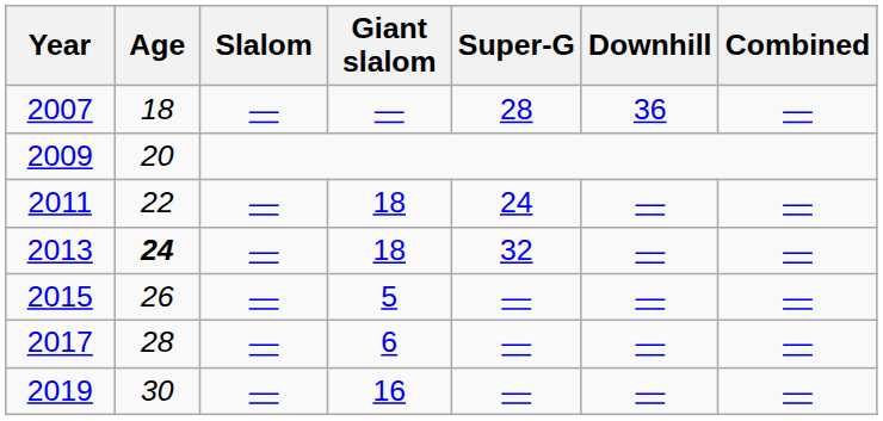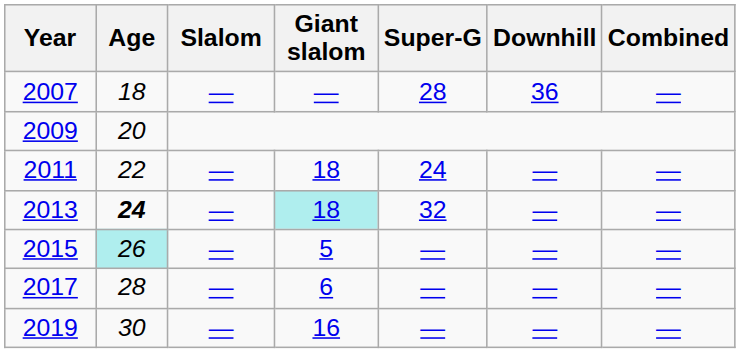 <table class=wikitable style="text-align:center">
 <tr>
 <th>  Year  </th>
 <th> Age </th>
 <th> Slalom </th>
 <th>Giant<br> slalom </th>
 <th>Super-G</th>
 <th>Downhill</th>
 <th>Combined</th>
 </tr>
 <tr>
 <td><a href='#'>2007</a></td>
 <td><em>18</em></td>
 <td><a href='#'>—</a></td>
 <td><a href='#'>—</a></td>
 <td><a href='#'>28</a></td>
 <td><a href='#'>36</a></td>
 <td><a href='#'>—</a></td>
 </tr>
 <tr>
 <td><a href='#'>2009</a></td>
 <td><em>20</em></td>
 <td colspan=5></td>
 </tr>
 <tr>
 <td><a href='#'>2011</a></td>
 <td><em>22</em></td>
 <td><a href='#'>—</a></td>
 <td><a href='#'>18</a></td>
 <td><a href='#'>24</a></td>
 <td><a href='#'>—</a></td>
 <td><a href='#'>—</a></td>
 </tr>
 <tr>
 <td><a href='#'>2013</a></td>
 <td><strong><em>24</em></strong></td>
 <td><a href='#'>—</a></td>
-<td><a href='#'>18</a></td>
+<td style="background: paleturquoise;"><a href='#'>18</a></td>
 <td><a href='#'>32</a></td>
 <td><a href='#'>—</a></td>
 <td><a href='#'>—</a></td>
 </tr>
 <tr>
 <td><a href='#'>2015</a></td>
-<td><em>26</em></td>
+<td style="background: paleturquoise;"><em>26</em></td>
 <td><a href='#'>—</a></td>
 <td><a href='#'>5</a></td>
 <td><a href='#'>—</a></td>
 <td><a href='#'>—</a></td>
 <td><a href='#'>—</a></td>
 </tr>
 <tr>
 <td><a href='#'>2017</a></td>
 <td><em>28</em></td>
 <td><a href='#'>—</a></td>
 <td><a href='#'>6</a></td>
 <td><a href='#'>—</a></td>
 <td><a href='#'>—</a></td>
 <td><a href='#'>—</a></td>
 </tr>
 <tr>
 <td><a href='#'>2019</a></td>
 <td><em>30</em></td>
 <td><a href='#'>—</a></td>
 <td><a href='#'>16</a></td>
 <td><a href='#'>—</a></td>
 <td><a href='#'>—</a></td>
 <td><a href='#'>—</a></td>
 </tr>
 </table>
